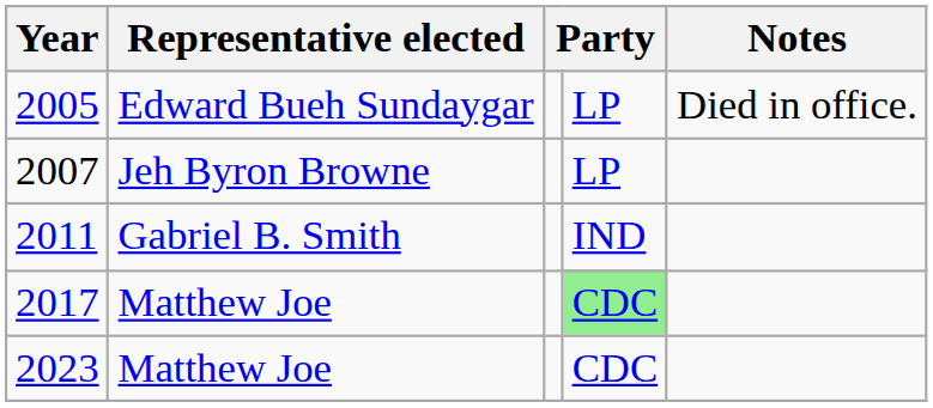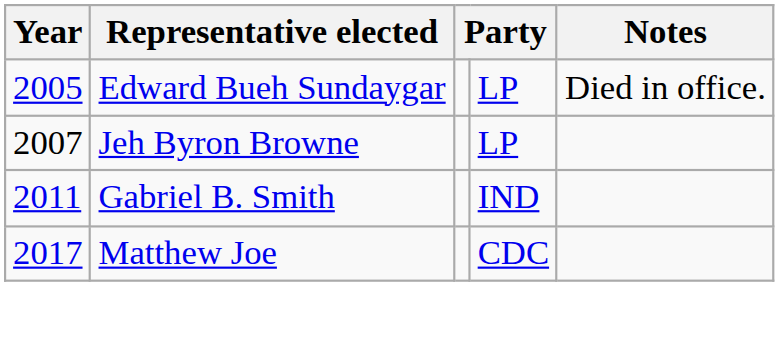 <table class="wikitable">
 <tr>
 <th>Year</th>
 <th>Representative elected</th>
 <th colspan=2>Party</th>
 <th>Notes</th>
 </tr>
 <tr>
 <td><a href='#'>2005</a></td>
 <td><a href='#'>Edward Bueh Sundaygar</a></td>
 <td></td>
 <td><a href='#'>LP</a></td>
 <td>Died in office.</td>
 </tr>
 <tr>
 <td>2007</td>
 <td><a href='#'>Jeh Byron Browne</a></td>
 <td></td>
 <td><a href='#'>LP</a></td>
 <td></td>
 </tr>
 <tr>
 <td><a href='#'>2011</a></td>
 <td><a href='#'>Gabriel B. Smith</a></td>
 <td></td>
 <td><a href='#'>IND</a></td>
 <td></td>
 </tr>
 <tr>
 <td><a href='#'>2017</a></td>
 <td><a href='#'>Matthew Joe</a></td>
 <td></td>
-<td style="background: lightgreen;"><a href='#'>CDC</a></td>
-<td></td>
-</tr>
-<tr>
-<td><a href='#'>2023</a></td>
-<td><a href='#'>Matthew Joe</a></td>
-<td></td>
 <td><a href='#'>CDC</a></td>
 <td></td>
 </tr>
 </table>
